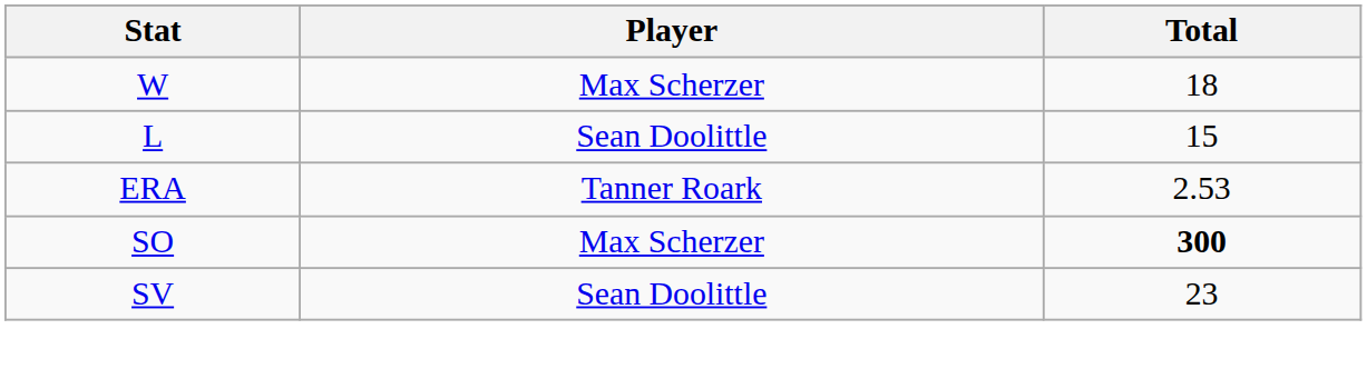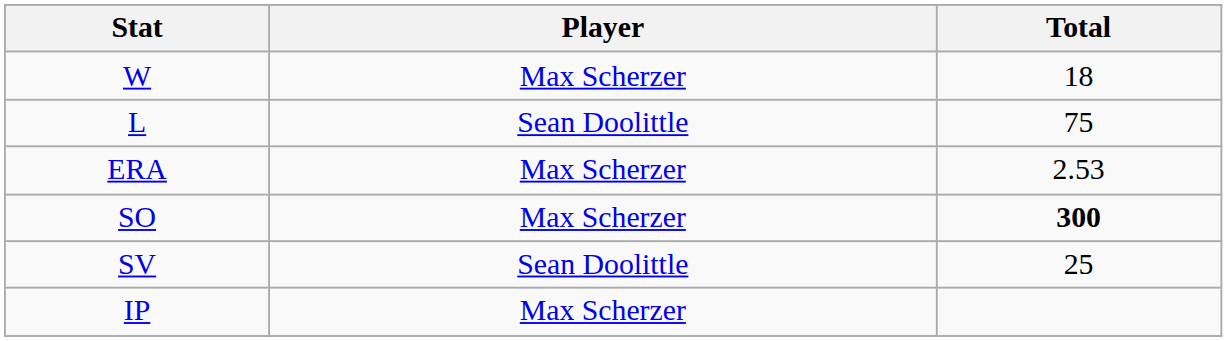 <table class="wikitable" style="width:33%;">
 <tr style="text-align:center; background:#ddd;">
 <th>Stat</th>
 <th>Player</th>
 <th>Total</th>
 </tr>
 <tr align=center>
 <td><a href='#'>W</a></td>
 <td><a href='#'>Max Scherzer</a></td>
 <td>18</td>
 </tr>
 <tr align=center>
 <td><a href='#'>L</a></td>
 <td><a href='#'>Sean Doolittle</a></td>
-<td>15</td>
+<td>75</td>
 </tr>
 <tr align=center>
 <td><a href='#'>ERA</a></td>
-<td><a href='#'>Tanner Roark</a></td>
+<td><a href='#'>Max Scherzer</a></td>
 <td>2.53</td>
 </tr>
 <tr align=center>
 <td><a href='#'>SO</a></td>
 <td><a href='#'>Max Scherzer</a></td>
 <td><strong>300</strong></td>
 </tr>
 <tr align=center>
 <td><a href='#'>SV</a></td>
 <td><a href='#'>Sean Doolittle</a></td>
-<td>23</td>
+<td>25</td>
+</tr>
+<tr align=center>
+<td><a href='#'>IP</a></td>
+<td><a href='#'>Max Scherzer</a></td>
+<td></td>
 </tr>
 </table>
